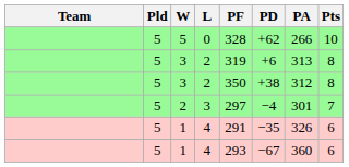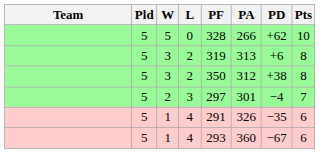 <table class=wikitable>
 <tr align=center>
 <th width=150>Team</th>
 <th width=20>Pld</th>
 <th width=20>W</th>
 <th width=20>L</th>
 <th width=30>PF</th>
+<th width=30>PA</th>
 <th width=30>PD</th>
-<th width=30>PA</th>
 <th width=20>Pts</th>
 </tr>
 <tr align=center bgcolor="#98fb98">
 <td align=left></td>
 <td>5</td>
 <td>5</td>
 <td>0</td>
 <td>328</td>
+<td>266</td>
 <td>+62</td>
-<td>266</td>
 <td>10</td>
 </tr>
 <tr align=center bgcolor="#98fb98">
 <td align=left></td>
 <td>5</td>
 <td>3</td>
 <td>2</td>
 <td>319</td>
+<td>313</td>
 <td>+6</td>
-<td>313</td>
 <td>8</td>
 </tr>
 <tr align=center bgcolor="#98fb98">
 <td align=left></td>
 <td>5</td>
 <td>3</td>
 <td>2</td>
 <td>350</td>
+<td>312</td>
 <td>+38</td>
-<td>312</td>
 <td>8</td>
 </tr>
 <tr align=center bgcolor="#98fb98">
 <td align=left></td>
 <td>5</td>
 <td>2</td>
 <td>3</td>
 <td>297</td>
+<td>301</td>
 <td>−4</td>
-<td>301</td>
 <td>7</td>
 </tr>
 <tr align=center bgcolor=ffcccc>
 <td align=left></td>
 <td>5</td>
 <td>1</td>
 <td>4</td>
 <td>291</td>
+<td>326</td>
 <td>−35</td>
-<td>326</td>
 <td>6</td>
 </tr>
 <tr align=center bgcolor=ffcccc>
 <td align=left></td>
 <td>5</td>
 <td>1</td>
 <td>4</td>
 <td>293</td>
+<td>360</td>
 <td>−67</td>
-<td>360</td>
 <td>6</td>
 </tr>
 </table>
